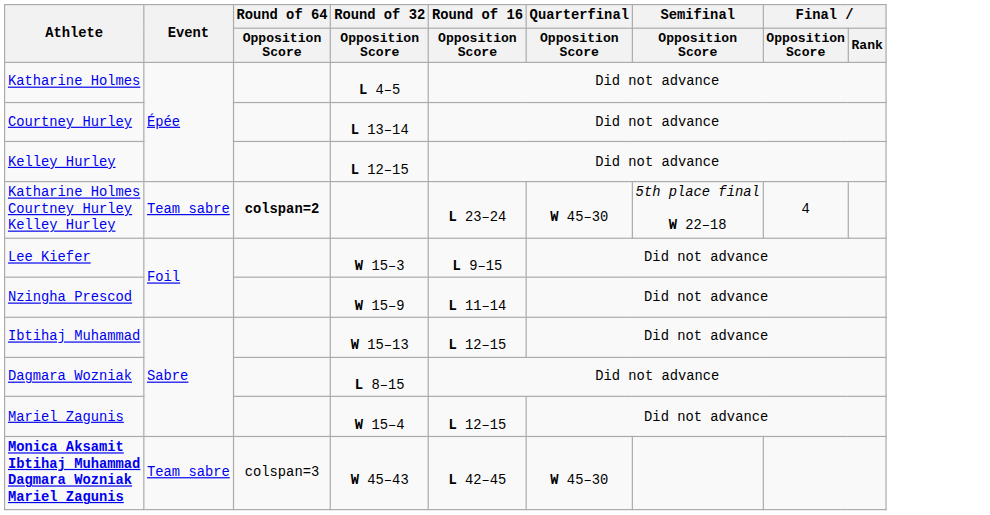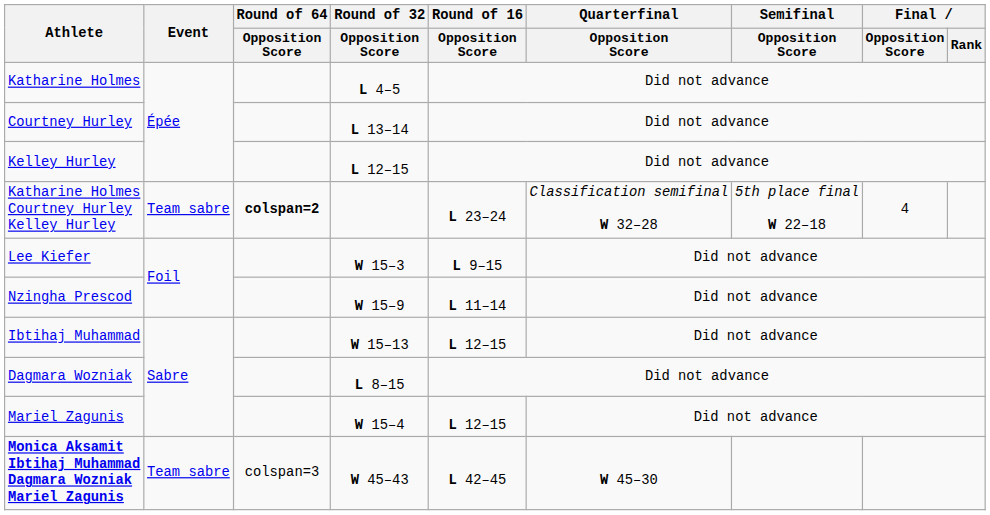 <table class=wikitable style=font-size:90%;text-align:center>
 <tr>
 <th rowspan=2>Athlete</th>
 <th rowspan=2>Event</th>
 <th>Round of 64</th>
 <th>Round of 32</th>
 <th>Round of 16</th>
 <th>Quarterfinal</th>
 <th>Semifinal</th>
 <th colspan=2>Final / </th>
 </tr>
 <tr style=font-size:95%>
 <th>Opposition<br>Score</th>
 <th>Opposition<br>Score</th>
 <th>Opposition<br>Score</th>
 <th>Opposition<br>Score</th>
 <th>Opposition<br>Score</th>
 <th>Opposition<br>Score</th>
 <th>Rank</th>
 </tr>
 <tr>
 <td align=left><a href='#'>Katharine Holmes</a></td>
 <td align=left rowspan=3><a href='#'>Épée</a></td>
 <td></td>
 <td><br><strong>L</strong> 4–5</td>
 <td colspan=5>Did not advance</td>
 </tr>
 <tr>
 <td align=left><a href='#'>Courtney Hurley</a></td>
 <td></td>
 <td><br><strong>L</strong> 13–14</td>
 <td colspan=5>Did not advance</td>
 </tr>
 <tr>
 <td align=left><a href='#'>Kelley Hurley</a></td>
 <td></td>
 <td><br><strong>L</strong> 12–15</td>
 <td colspan=5>Did not advance</td>
 </tr>
 <tr>
 <td align=left><a href='#'>Katharine Holmes</a><br><a href='#'>Courtney Hurley</a><br><a href='#'>Kelley Hurley</a></td>
 <td align=left><a href='#'>Team sabre</a></td>
 <td><strong>colspan=2 </strong></td>
 <td></td>
 <td><br><strong>L</strong> 23–24</td>
-<td><br><strong>W</strong> 45–30</td>
+<td><em>Classification semifinal</em><br><br><strong>W</strong> 32–28</td>
 <td><em>5th place final</em><br><br><strong>W</strong> 22–18</td>
 <td>4</td>
 </tr>
 <tr>
 <td align=left><a href='#'>Lee Kiefer</a></td>
 <td align=left rowspan=2><a href='#'>Foil</a></td>
 <td></td>
 <td><br><strong>W</strong> 15–3</td>
 <td><br><strong>L</strong> 9–15</td>
 <td colspan=4>Did not advance</td>
 </tr>
 <tr>
 <td align=left><a href='#'>Nzingha Prescod</a></td>
 <td></td>
 <td><br><strong>W</strong> 15–9</td>
 <td><br><strong>L</strong> 11–14</td>
 <td colspan=4>Did not advance</td>
 </tr>
 <tr>
 <td align=left><a href='#'>Ibtihaj Muhammad</a></td>
 <td align=left rowspan=3><a href='#'>Sabre</a></td>
 <td></td>
 <td><br><strong>W</strong> 15–13</td>
 <td><br><strong>L</strong> 12–15</td>
 <td colspan=4>Did not advance</td>
 </tr>
 <tr>
 <td align=left><a href='#'>Dagmara Wozniak</a></td>
 <td></td>
 <td><br><strong>L</strong> 8–15</td>
 <td colspan=5>Did not advance</td>
 </tr>
 <tr>
 <td align=left><a href='#'>Mariel Zagunis</a></td>
 <td></td>
 <td><br><strong>W</strong> 15–4</td>
 <td><br><strong>L</strong> 12–15</td>
 <td colspan=4>Did not advance</td>
 </tr>
 <tr>
 <td align=left><strong><a href='#'>Monica Aksamit</a><br><a href='#'>Ibtihaj Muhammad</a><br><a href='#'>Dagmara Wozniak</a><br><a href='#'>Mariel Zagunis</a></strong></td>
 <td align=left><a href='#'>Team sabre</a></td>
 <td>colspan=3 </td>
 <td><br><strong>W</strong> 45–43</td>
 <td><br><strong>L</strong> 42–45</td>
 <td><br><strong>W</strong> 45–30</td>
 <td></td>
 </tr>
 </table>
